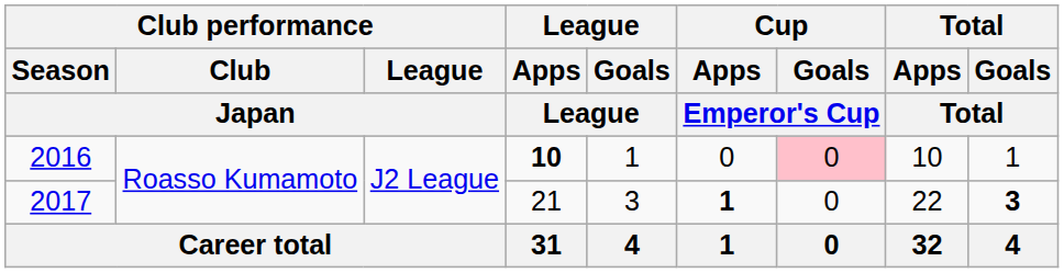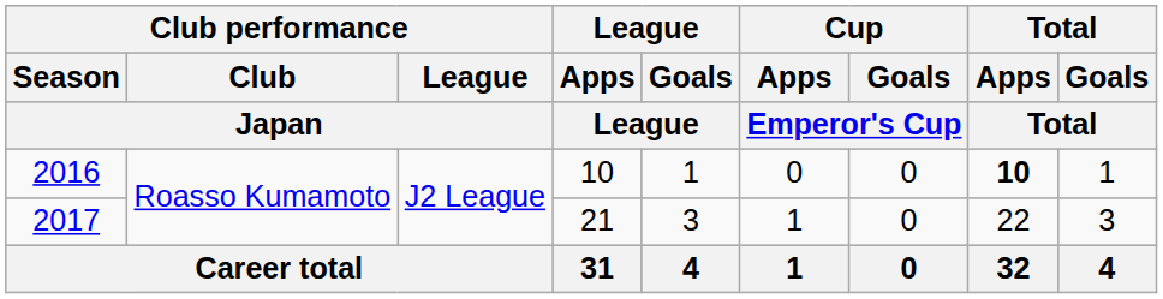 <table class="wikitable" style="text-align:center">
 <tr>
 <th colspan=3>Club performance</th>
 <th colspan=2>League</th>
 <th colspan=2>Cup</th>
 <th colspan=2>Total</th>
 </tr>
 <tr>
 <th>Season</th>
 <th>Club</th>
 <th>League</th>
 <th>Apps</th>
 <th>Goals</th>
 <th>Apps</th>
 <th>Goals</th>
 <th>Apps</th>
 <th>Goals</th>
 </tr>
 <tr>
 <th colspan=3>Japan</th>
 <th colspan=2>League</th>
 <th colspan=2><a href='#'>Emperor's Cup</a></th>
 <th colspan=2>Total</th>
 </tr>
 <tr>
 <td><a href='#'>2016</a></td>
 <td rowspan="2"><a href='#'>Roasso Kumamoto</a></td>
 <td rowspan="2"><a href='#'>J2 League</a></td>
-<td><strong>10</strong></td>
+<td>10</td>
 <td>1</td>
 <td>0</td>
-<td style="background: pink;">0</td>
-<td>10</td>
+<td>0</td>
+<td><strong>10</strong></td>
 <td>1</td>
 </tr>
 <tr>
 <td><a href='#'>2017</a></td>
 <td>21</td>
 <td>3</td>
-<td><strong>1</strong></td>
+<td>1</td>
 <td>0</td>
 <td>22</td>
-<td><strong>3</strong></td>
+<td>3</td>
 </tr>
 <tr>
 <th colspan=3>Career total</th>
 <th>31</th>
 <th>4</th>
 <th>1</th>
 <th>0</th>
 <th>32</th>
 <th>4</th>
 </tr>
 </table>
